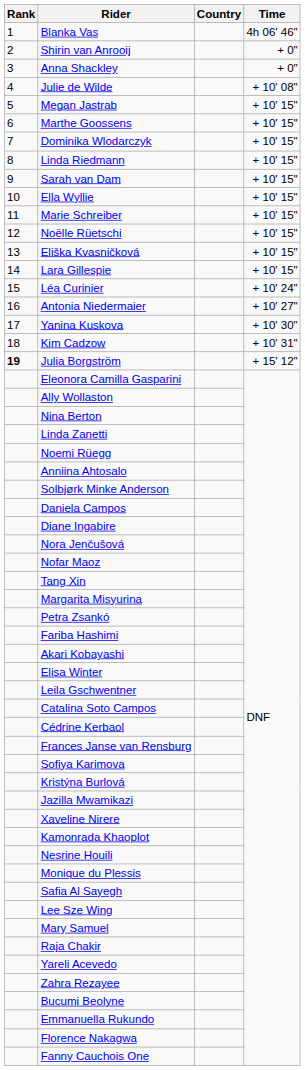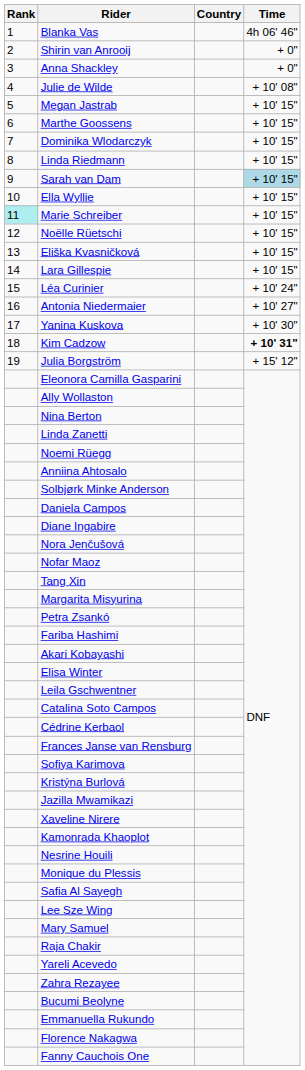 <table class="wikitable sortable" style="font-size:95%; text-align:left;">
 <tr>
 <th>Rank</th>
 <th>Rider</th>
 <th>Country</th>
 <th>Time</th>
 </tr>
 <tr>
 <td>1</td>
 <td><a href='#'>Blanka Vas</a></td>
 <td></td>
 <td align=right>4h 06' 46"</td>
 </tr>
 <tr>
 <td>2</td>
 <td><a href='#'>Shirin van Anrooij</a></td>
 <td></td>
 <td align=right>+ 0"</td>
 </tr>
 <tr>
 <td>3</td>
 <td><a href='#'>Anna Shackley</a></td>
 <td></td>
 <td align=right>+ 0"</td>
 </tr>
 <tr>
 <td>4</td>
 <td><a href='#'>Julie de Wilde</a></td>
 <td></td>
 <td align=right>+ 10' 08"</td>
 </tr>
 <tr>
 <td>5</td>
 <td><a href='#'>Megan Jastrab</a></td>
 <td></td>
 <td align=right>+ 10' 15"</td>
 </tr>
 <tr>
 <td>6</td>
 <td><a href='#'>Marthe Goossens</a></td>
 <td></td>
 <td align=right>+ 10' 15"</td>
 </tr>
 <tr>
 <td>7</td>
 <td><a href='#'>Dominika Wlodarczyk</a></td>
 <td></td>
 <td align=right>+ 10' 15"</td>
 </tr>
 <tr>
 <td>8</td>
 <td><a href='#'>Linda Riedmann</a></td>
 <td></td>
 <td align=right>+ 10' 15"</td>
 </tr>
 <tr>
 <td>9</td>
 <td><a href='#'>Sarah van Dam</a></td>
 <td></td>
-<td align=right>+ 10' 15"</td>
+<td align=right style="background: lightblue;">+ 10' 15"</td>
 </tr>
 <tr>
 <td>10</td>
 <td><a href='#'>Ella Wyllie</a></td>
 <td></td>
 <td align=right>+ 10' 15"</td>
 </tr>
 <tr>
-<td>11</td>
+<td style="background: paleturquoise;">11</td>
 <td><a href='#'>Marie Schreiber</a></td>
 <td></td>
 <td align=right>+ 10' 15"</td>
 </tr>
 <tr>
 <td>12</td>
 <td><a href='#'>Noëlle Rüetschi</a></td>
 <td></td>
 <td align=right>+ 10' 15"</td>
 </tr>
 <tr>
 <td>13</td>
 <td><a href='#'>Eliška Kvasničková</a></td>
 <td></td>
 <td align=right>+ 10' 15"</td>
 </tr>
 <tr>
 <td>14</td>
 <td><a href='#'>Lara Gillespie</a></td>
 <td></td>
 <td align=right>+ 10' 15"</td>
 </tr>
 <tr>
 <td>15</td>
 <td><a href='#'>Léa Curinier</a></td>
 <td></td>
 <td align=right>+ 10' 24"</td>
 </tr>
 <tr>
 <td>16</td>
 <td><a href='#'>Antonia Niedermaier</a></td>
 <td></td>
 <td align=right>+ 10' 27"</td>
 </tr>
 <tr>
 <td>17</td>
 <td><a href='#'>Yanina Kuskova</a></td>
 <td></td>
 <td align=right>+ 10' 30"</td>
 </tr>
 <tr>
 <td>18</td>
 <td><a href='#'>Kim Cadzow</a></td>
 <td></td>
-<td align=right>+ 10' 31"</td>
+<td align=right><strong>+ 10' 31"</strong></td>
 </tr>
 <tr>
-<td><strong>19</strong></td>
+<td>19</td>
 <td><a href='#'>Julia Borgström</a></td>
 <td></td>
 <td align=right>+ 15' 12"</td>
 </tr>
 <tr>
 <td></td>
 <td><a href='#'>Eleonora Camilla Gasparini</a></td>
 <td></td>
 <td rowspan=40 colspan=2>DNF</td>
 </tr>
 <tr>
 <td></td>
 <td><a href='#'>Ally Wollaston</a></td>
 <td></td>
 </tr>
 <tr>
 <td></td>
 <td><a href='#'>Nina Berton</a></td>
 <td></td>
 </tr>
 <tr>
 <td></td>
 <td><a href='#'>Linda Zanetti</a></td>
 <td></td>
 </tr>
 <tr>
 <td></td>
 <td><a href='#'>Noemi Rüegg</a></td>
 <td></td>
 </tr>
 <tr>
 <td></td>
 <td><a href='#'>Anniina Ahtosalo</a></td>
 <td></td>
 </tr>
 <tr>
 <td></td>
 <td><a href='#'>Solbjørk Minke Anderson</a></td>
 <td></td>
 </tr>
 <tr>
 <td></td>
 <td><a href='#'>Daniela Campos</a></td>
 <td></td>
 </tr>
 <tr>
 <td></td>
 <td><a href='#'>Diane Ingabire</a></td>
 <td></td>
 </tr>
 <tr>
 <td></td>
 <td><a href='#'>Nora Jenčušová</a></td>
 <td></td>
 </tr>
 <tr>
 <td></td>
 <td><a href='#'>Nofar Maoz</a></td>
 <td></td>
 </tr>
 <tr>
 <td></td>
 <td><a href='#'>Tang Xin</a></td>
 <td></td>
 </tr>
 <tr>
 <td></td>
 <td><a href='#'>Margarita Misyurina</a></td>
 <td></td>
 </tr>
 <tr>
 <td></td>
 <td><a href='#'>Petra Zsankó</a></td>
 <td></td>
 </tr>
 <tr>
 <td></td>
 <td><a href='#'>Fariba Hashimi</a></td>
 <td></td>
 </tr>
 <tr>
 <td></td>
 <td><a href='#'>Akari Kobayashi</a></td>
 <td></td>
 </tr>
 <tr>
 <td></td>
 <td><a href='#'>Elisa Winter</a></td>
 <td></td>
 </tr>
 <tr>
 <td></td>
 <td><a href='#'>Leila Gschwentner</a></td>
 <td></td>
 </tr>
 <tr>
 <td></td>
 <td><a href='#'>Catalina Soto Campos</a></td>
 <td></td>
 </tr>
 <tr>
 <td></td>
 <td><a href='#'>Cédrine Kerbaol</a></td>
 <td></td>
 </tr>
 <tr>
 <td></td>
 <td><a href='#'>Frances Janse van Rensburg</a></td>
 <td></td>
 </tr>
 <tr>
 <td></td>
 <td><a href='#'>Sofiya Karimova</a></td>
 <td></td>
 </tr>
 <tr>
 <td></td>
 <td><a href='#'>Kristýna Burlová</a></td>
 <td></td>
 </tr>
 <tr>
 <td></td>
 <td><a href='#'>Jazilla Mwamikazi</a></td>
 <td></td>
 </tr>
 <tr>
 <td></td>
 <td><a href='#'>Xaveline Nirere</a></td>
 <td></td>
 </tr>
 <tr>
 <td></td>
 <td><a href='#'>Kamonrada Khaoplot</a></td>
 <td></td>
 </tr>
 <tr>
 <td></td>
 <td><a href='#'>Nesrine Houili</a></td>
 <td></td>
 </tr>
 <tr>
 <td></td>
 <td><a href='#'>Monique du Plessis</a></td>
 <td></td>
 </tr>
 <tr>
 <td></td>
 <td><a href='#'>Safia Al Sayegh</a></td>
 <td></td>
 </tr>
 <tr>
 <td></td>
 <td><a href='#'>Lee Sze Wing</a></td>
 <td></td>
 </tr>
 <tr>
 <td></td>
 <td><a href='#'>Mary Samuel</a></td>
 <td></td>
 </tr>
 <tr>
 <td></td>
 <td><a href='#'>Raja Chakir</a></td>
 <td></td>
 </tr>
 <tr>
 <td></td>
 <td><a href='#'>Yareli Acevedo</a></td>
 <td></td>
 </tr>
 <tr>
 <td></td>
 <td><a href='#'>Zahra Rezayee</a></td>
 <td></td>
 </tr>
 <tr>
 <td></td>
 <td><a href='#'>Bucumi Beolyne</a></td>
 <td></td>
 </tr>
 <tr>
 <td></td>
 <td><a href='#'>Emmanuella Rukundo</a></td>
 <td></td>
 </tr>
 <tr>
 <td></td>
 <td><a href='#'>Florence Nakagwa</a></td>
 <td></td>
 </tr>
 <tr>
 <td></td>
 <td><a href='#'>Fanny Cauchois One</a></td>
 <td></td>
 </tr>
 </table>
